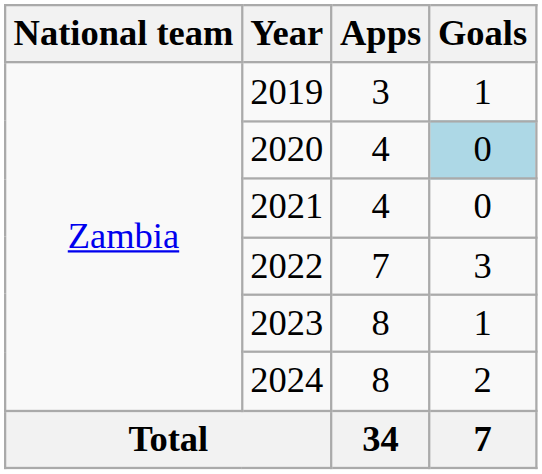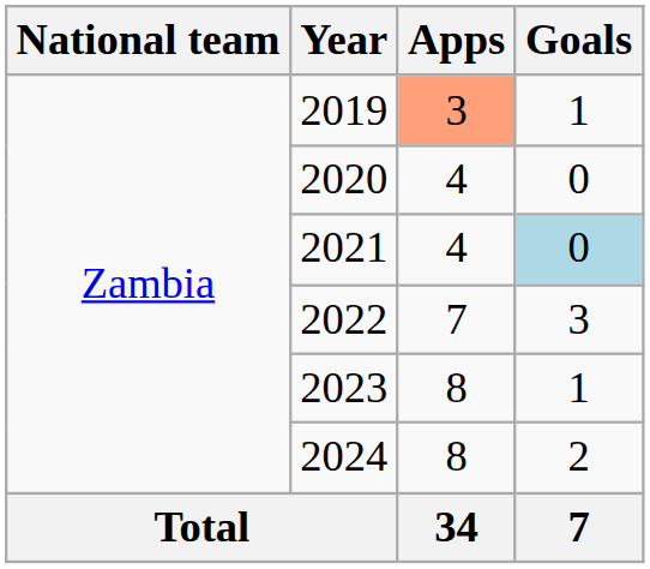 <table class="wikitable" style="text-align:center">
 <tr>
 <th>National team</th>
 <th>Year</th>
 <th>Apps</th>
 <th>Goals</th>
 </tr>
 <tr>
 <td rowspan="6"><a href='#'>Zambia</a></td>
 <td>2019</td>
-<td>3</td>
+<td style="background: lightsalmon;">3</td>
 <td>1</td>
 </tr>
 <tr>
 <td>2020</td>
 <td>4</td>
-<td style="background: lightblue;">0</td>
+<td>0</td>
 </tr>
 <tr>
 <td>2021</td>
 <td>4</td>
-<td>0</td>
+<td style="background: lightblue;">0</td>
 </tr>
 <tr>
 <td>2022</td>
 <td>7</td>
 <td>3</td>
 </tr>
 <tr>
 <td>2023</td>
 <td>8</td>
 <td>1</td>
 </tr>
 <tr>
 <td>2024</td>
 <td>8</td>
 <td>2</td>
 </tr>
 <tr>
 <th colspan="2">Total</th>
 <th>34</th>
 <th>7</th>
 </tr>
 </table>
